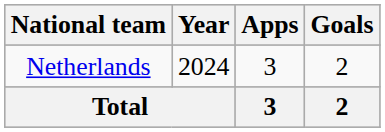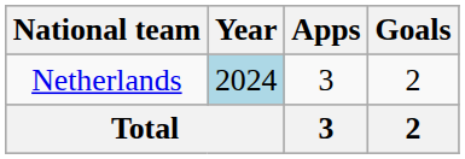 <table class="wikitable" style="text-align:center">
 <tr>
 <th>National team</th>
 <th>Year</th>
 <th>Apps</th>
 <th>Goals</th>
 </tr>
 <tr>
 <td rowspan="1"><a href='#'>Netherlands</a></td>
-<td>2024</td>
+<td style="background: lightblue;">2024</td>
 <td>3</td>
 <td>2</td>
 </tr>
 <tr>
 <th colspan="2">Total</th>
 <th>3</th>
 <th>2</th>
 </tr>
 </table>
